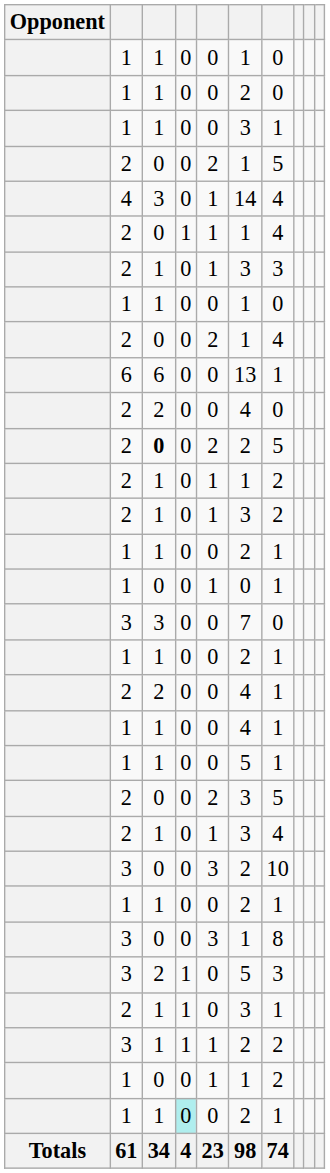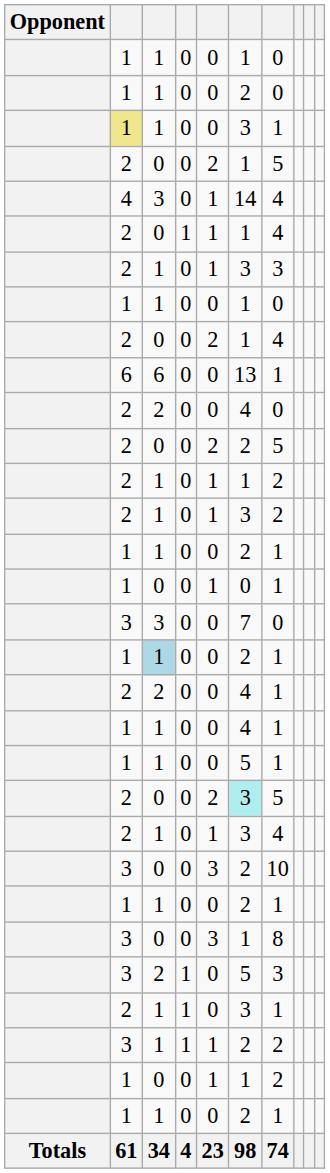 <table class="wikitable plainrowheaders sortable" style="text-align:center">
 <tr>
 <th scope=col>Opponent</th>
 <th scope=col></th>
 <th scope=col></th>
 <th scope=col></th>
 <th scope=col></th>
 <th scope=col></th>
 <th scope=col></th>
 <th scope=col></th>
 <th scope=col></th>
 <th scope=col></th>
 </tr>
 <tr>
 <th scope=row style="text-align:left;"></th>
 <td>1</td>
 <td>1</td>
 <td>0</td>
 <td>0</td>
 <td>1</td>
 <td>0</td>
 <td></td>
 <td></td>
 <td></td>
 </tr>
 <tr>
 <th scope=row style="text-align:left;"></th>
 <td>1</td>
 <td>1</td>
 <td>0</td>
 <td>0</td>
 <td>2</td>
 <td>0</td>
 <td></td>
 <td></td>
 <td></td>
 </tr>
 <tr>
 <th scope=row style="text-align:left;"></th>
-<td>1</td>
+<td style="background: khaki;">1</td>
 <td>1</td>
 <td>0</td>
 <td>0</td>
 <td>3</td>
 <td>1</td>
 <td></td>
 <td></td>
 <td></td>
 </tr>
 <tr>
 <th scope=row style="text-align:left;"></th>
 <td>2</td>
 <td>0</td>
 <td>0</td>
 <td>2</td>
 <td>1</td>
 <td>5</td>
 <td></td>
 <td></td>
 <td></td>
 </tr>
 <tr>
 <th scope=row style="text-align:left;"></th>
 <td>4</td>
 <td>3</td>
 <td>0</td>
 <td>1</td>
 <td>14</td>
 <td>4</td>
 <td></td>
 <td></td>
 <td></td>
 </tr>
 <tr>
 <th scope=row style="text-align:left;"></th>
 <td>2</td>
 <td>0</td>
 <td>1</td>
 <td>1</td>
 <td>1</td>
 <td>4</td>
 <td></td>
 <td></td>
 <td></td>
 </tr>
 <tr>
 <th scope=row style="text-align:left;"></th>
 <td>2</td>
 <td>1</td>
 <td>0</td>
 <td>1</td>
 <td>3</td>
 <td>3</td>
 <td></td>
 <td></td>
 <td></td>
 </tr>
 <tr>
 <th scope=row style="text-align:left;"></th>
 <td>1</td>
 <td>1</td>
 <td>0</td>
 <td>0</td>
 <td>1</td>
 <td>0</td>
 <td></td>
 <td></td>
 <td></td>
 </tr>
 <tr>
 <th scope=row style="text-align:left;"></th>
 <td>2</td>
 <td>0</td>
 <td>0</td>
 <td>2</td>
 <td>1</td>
 <td>4</td>
 <td></td>
 <td></td>
 <td></td>
 </tr>
 <tr>
 <th scope=row style="text-align:left;"></th>
 <td>6</td>
 <td>6</td>
 <td>0</td>
 <td>0</td>
 <td>13</td>
 <td>1</td>
 <td></td>
 <td></td>
 <td></td>
 </tr>
 <tr>
 <th scope=row style="text-align:left;"></th>
 <td>2</td>
 <td>2</td>
 <td>0</td>
 <td>0</td>
 <td>4</td>
 <td>0</td>
 <td></td>
 <td></td>
 <td></td>
 </tr>
 <tr>
 <th scope=row style="text-align:left;"></th>
 <td>2</td>
-<td><strong>0</strong></td>
+<td>0</td>
 <td>0</td>
 <td>2</td>
 <td>2</td>
 <td>5</td>
 <td></td>
 <td></td>
 <td></td>
 </tr>
 <tr>
 <th scope=row style="text-align:left;"></th>
 <td>2</td>
 <td>1</td>
 <td>0</td>
 <td>1</td>
 <td>1</td>
 <td>2</td>
 <td></td>
 <td></td>
 <td></td>
 </tr>
 <tr>
 <th scope=row style="text-align:left;"></th>
 <td>2</td>
 <td>1</td>
 <td>0</td>
 <td>1</td>
 <td>3</td>
 <td>2</td>
 <td></td>
 <td></td>
 <td></td>
 </tr>
 <tr>
 <th scope=row style="text-align:left;"></th>
 <td>1</td>
 <td>1</td>
 <td>0</td>
 <td>0</td>
 <td>2</td>
 <td>1</td>
 <td></td>
 <td></td>
 <td></td>
 </tr>
 <tr>
 <th scope=row style="text-align:left;"></th>
 <td>1</td>
 <td>0</td>
 <td>0</td>
 <td>1</td>
 <td>0</td>
 <td>1</td>
 <td></td>
 <td></td>
 <td></td>
 </tr>
 <tr>
 <th scope=row style="text-align:left;"></th>
 <td>3</td>
 <td>3</td>
 <td>0</td>
 <td>0</td>
 <td>7</td>
 <td>0</td>
 <td></td>
 <td></td>
 <td></td>
 </tr>
 <tr>
 <th scope=row style="text-align:left;"></th>
 <td>1</td>
-<td>1</td>
+<td style="background: lightblue;">1</td>
 <td>0</td>
 <td>0</td>
 <td>2</td>
 <td>1</td>
 <td></td>
 <td></td>
 <td></td>
 </tr>
 <tr>
 <th scope=row style="text-align:left;"></th>
 <td>2</td>
 <td>2</td>
 <td>0</td>
 <td>0</td>
 <td>4</td>
 <td>1</td>
 <td></td>
 <td></td>
 <td></td>
 </tr>
 <tr>
 <th scope=row style="text-align:left;"></th>
 <td>1</td>
 <td>1</td>
 <td>0</td>
 <td>0</td>
 <td>4</td>
 <td>1</td>
 <td></td>
 <td></td>
 <td></td>
 </tr>
 <tr>
 <th scope=row style="text-align:left;"></th>
 <td>1</td>
 <td>1</td>
 <td>0</td>
 <td>0</td>
 <td>5</td>
 <td>1</td>
 <td></td>
 <td></td>
 <td></td>
 </tr>
 <tr>
 <th scope=row style="text-align:left;"></th>
 <td>2</td>
 <td>0</td>
 <td>0</td>
 <td>2</td>
-<td>3</td>
+<td style="background: paleturquoise;">3</td>
 <td>5</td>
 <td></td>
 <td></td>
 <td></td>
 </tr>
 <tr>
 <th scope=row style="text-align:left;"></th>
 <td>2</td>
 <td>1</td>
 <td>0</td>
 <td>1</td>
 <td>3</td>
 <td>4</td>
 <td></td>
 <td></td>
 <td></td>
 </tr>
 <tr>
 <th scope=row style="text-align:left;"></th>
 <td>3</td>
 <td>0</td>
 <td>0</td>
 <td>3</td>
 <td>2</td>
 <td>10</td>
 <td></td>
 <td></td>
 <td></td>
 </tr>
 <tr>
 <th scope=row style="text-align:left;"></th>
 <td>1</td>
 <td>1</td>
 <td>0</td>
 <td>0</td>
 <td>2</td>
 <td>1</td>
 <td></td>
 <td></td>
 <td></td>
 </tr>
 <tr>
 <th scope=row style="text-align:left;"></th>
 <td>3</td>
 <td>0</td>
 <td>0</td>
 <td>3</td>
 <td>1</td>
 <td>8</td>
 <td></td>
 <td></td>
 <td></td>
 </tr>
 <tr>
 <th scope=row style="text-align:left;"></th>
 <td>3</td>
 <td>2</td>
 <td>1</td>
 <td>0</td>
 <td>5</td>
 <td>3</td>
 <td></td>
 <td></td>
 <td></td>
 </tr>
 <tr>
 <th scope=row style="text-align:left;"></th>
 <td>2</td>
 <td>1</td>
 <td>1</td>
 <td>0</td>
 <td>3</td>
 <td>1</td>
 <td></td>
 <td></td>
 <td></td>
 </tr>
 <tr>
 <th scope=row style="text-align:left;"></th>
 <td>3</td>
 <td>1</td>
 <td>1</td>
 <td>1</td>
 <td>2</td>
 <td>2</td>
 <td></td>
 <td></td>
 <td></td>
 </tr>
 <tr>
 <th scope=row style="text-align:left;"></th>
 <td>1</td>
 <td>0</td>
 <td>0</td>
 <td>1</td>
 <td>1</td>
 <td>2</td>
 <td></td>
 <td></td>
 <td></td>
 </tr>
 <tr>
 <th scope=row style="text-align:left;"></th>
 <td>1</td>
 <td>1</td>
-<td style="background: paleturquoise;">0</td>
+<td>0</td>
 <td>0</td>
 <td>2</td>
 <td>1</td>
 <td></td>
 <td></td>
 <td></td>
 </tr>
 <tr class="sortbottom">
 <th>Totals</th>
 <th>61</th>
 <th>34</th>
 <th>4</th>
 <th>23</th>
 <th>98</th>
 <th>74</th>
 <th></th>
 <th></th>
 <th></th>
 </tr>
 </table>
